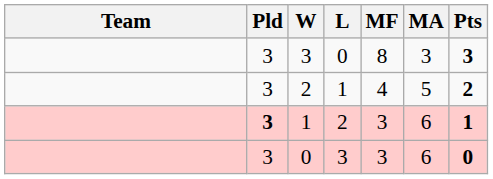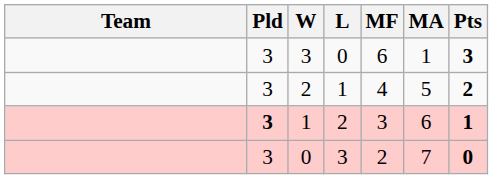 <table class=wikitable style="text-align:center">
 <tr>
 <th width=175>Team</th>
 <th width=20>Pld</th>
 <th width=20>W</th>
 <th width=20>L</th>
 <th width=20>MF</th>
 <th width=20>MA</th>
 <th width=20>Pts</th>
 </tr>
 <tr>
 <td style="text-align:left"></td>
 <td>3</td>
 <td>3</td>
 <td>0</td>
-<td>8</td>
-<td>3</td>
+<td>6</td>
+<td>1</td>
 <td><strong>3</strong></td>
 </tr>
 <tr>
 <td style="text-align:left"></td>
 <td>3</td>
 <td>2</td>
 <td>1</td>
 <td>4</td>
 <td>5</td>
 <td><strong>2</strong></td>
 </tr>
 <tr bgcolor=ffcccc>
 <td style="text-align:left"></td>
 <td><strong>3</strong></td>
 <td>1</td>
 <td>2</td>
 <td>3</td>
 <td>6</td>
 <td><strong>1</strong></td>
 </tr>
 <tr bgcolor=ffcccc>
 <td style="text-align:left"></td>
 <td>3</td>
 <td>0</td>
 <td>3</td>
-<td>3</td>
-<td>6</td>
+<td>2</td>
+<td>7</td>
 <td><strong>0</strong></td>
 </tr>
 </table>
